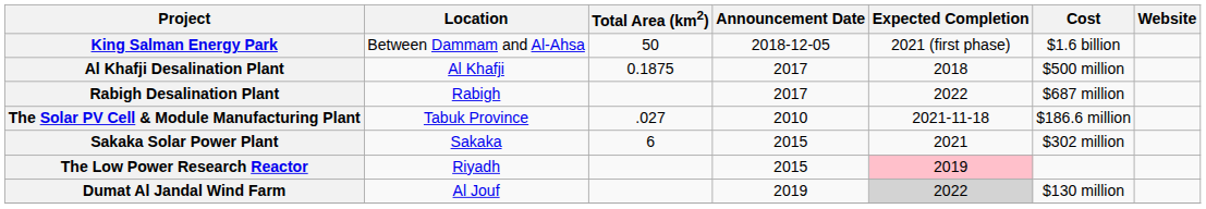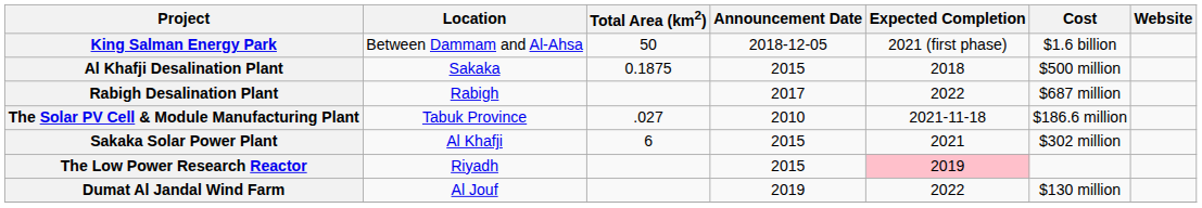 <table class="wikitable sortable" style="text-align:center;">
 <tr>
 <th>Project</th>
 <th>Location</th>
 <th>Total Area (km<sup>2</sup>)</th>
 <th>Announcement Date</th>
 <th>Expected Completion</th>
 <th>Cost</th>
 <th>Website</th>
 </tr>
 <tr>
 <th><a href='#'>King Salman Energy Park</a></th>
 <td>Between <a href='#'>Dammam</a> and <a href='#'>Al-Ahsa</a></td>
 <td>50</td>
 <td>2018-12-05</td>
 <td>2021 (first phase)</td>
 <td>$1.6 billion</td>
 <td></td>
 </tr>
 <tr>
 <th>Al Khafji Desalination Plant</th>
-<td><a href='#'>Al Khafji</a></td>
+<td><a href='#'>Sakaka</a></td>
 <td>0.1875</td>
-<td>2017</td>
+<td>2015</td>
 <td>2018</td>
 <td>$500 million</td>
 <td></td>
 </tr>
 <tr>
 <th>Rabigh Desalination Plant</th>
 <td><a href='#'>Rabigh</a></td>
 <td></td>
 <td>2017</td>
 <td>2022</td>
 <td>$687 million</td>
 <td></td>
 </tr>
 <tr>
 <th>The <a href='#'>Solar PV Cell</a> & Module Manufacturing Plant</th>
 <td><a href='#'>Tabuk Province</a></td>
 <td>.027</td>
 <td>2010</td>
 <td>2021-11-18</td>
 <td>$186.6 million</td>
 <td></td>
 </tr>
 <tr>
 <th>Sakaka Solar Power Plant</th>
-<td><a href='#'>Sakaka</a></td>
+<td><a href='#'>Al Khafji</a></td>
 <td>6</td>
 <td>2015</td>
 <td>2021</td>
 <td>$302 million</td>
 <td></td>
 </tr>
 <tr>
 <th>The Low Power Research <a href='#'>Reactor</a></th>
 <td><a href='#'>Riyadh</a></td>
 <td></td>
 <td>2015</td>
 <td style="background: pink;">2019</td>
 <td></td>
 <td></td>
 </tr>
 <tr>
 <th>Dumat Al Jandal Wind Farm</th>
 <td><a href='#'>Al Jouf</a></td>
 <td></td>
 <td>2019</td>
-<td style="background: lightgrey;">2022</td>
+<td>2022</td>
 <td>$130 million</td>
 <td></td>
 </tr>
 <tr>
 </tr>
 </table>
